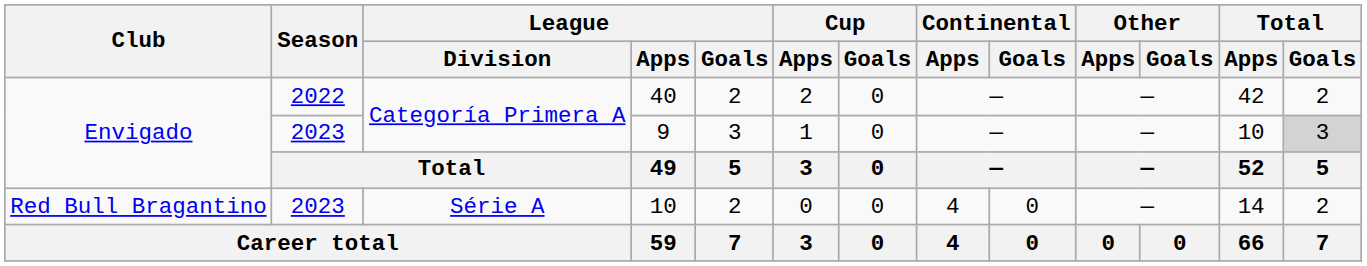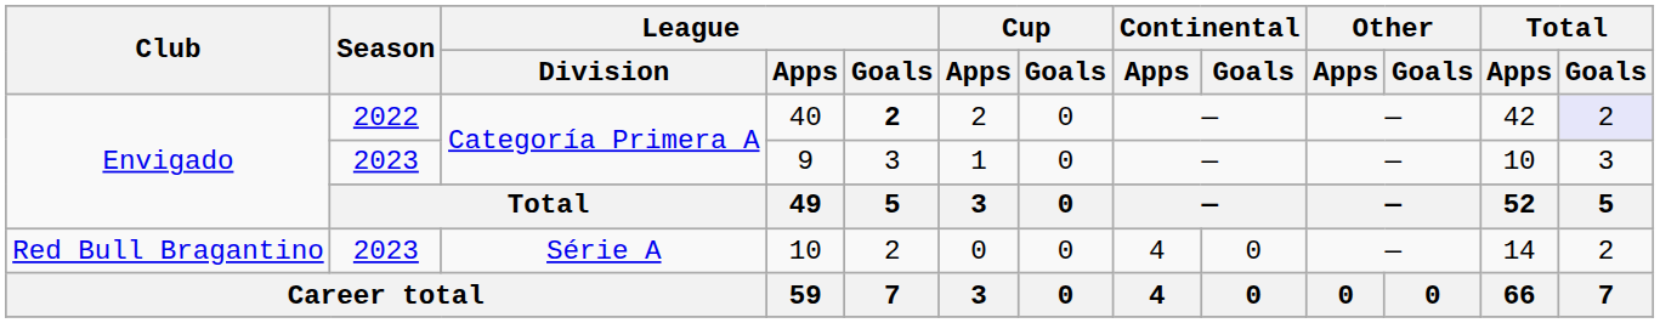 <table class="wikitable" style="text-align: center">
 <tr>
 <th rowspan="2">Club</th>
 <th rowspan="2">Season</th>
 <th colspan="3">League</th>
 <th colspan="2">Cup</th>
 <th colspan="2">Continental</th>
 <th colspan="2">Other</th>
 <th colspan="2">Total</th>
 </tr>
 <tr>
 <th>Division</th>
 <th>Apps</th>
 <th>Goals</th>
 <th>Apps</th>
 <th>Goals</th>
 <th>Apps</th>
 <th>Goals</th>
 <th>Apps</th>
 <th>Goals</th>
 <th>Apps</th>
 <th>Goals</th>
 </tr>
 <tr>
 <td rowspan="3"><a href='#'>Envigado</a></td>
 <td><a href='#'>2022</a></td>
 <td rowspan="2"><a href='#'>Categoría Primera A</a></td>
 <td>40</td>
-<td>2</td>
+<td><strong>2</strong></td>
 <td>2</td>
 <td>0</td>
 <td colspan="2">—</td>
 <td colspan="2">—</td>
 <td>42</td>
-<td>2</td>
+<td style="background: lavender;">2</td>
 </tr>
 <tr>
 <td><a href='#'>2023</a></td>
 <td>9</td>
 <td>3</td>
 <td>1</td>
 <td>0</td>
 <td colspan="2">—</td>
 <td colspan="2">—</td>
 <td>10</td>
-<td style="background: lightgrey;">3</td>
+<td>3</td>
 </tr>
 <tr>
 <th colspan="2"><strong>Total</strong></th>
 <th>49</th>
 <th>5</th>
 <th>3</th>
 <th>0</th>
 <th colspan="2">—</th>
 <th colspan="2">—</th>
 <th>52</th>
 <th>5</th>
 </tr>
 <tr>
 <td><a href='#'>Red Bull Bragantino</a></td>
 <td><a href='#'>2023</a></td>
 <td><a href='#'>Série A</a></td>
 <td>10</td>
 <td>2</td>
 <td>0</td>
 <td>0</td>
 <td>4</td>
 <td>0</td>
 <td colspan="2">—</td>
 <td>14</td>
 <td>2</td>
 </tr>
 <tr>
 <th colspan="3"><strong>Career total</strong></th>
 <th>59</th>
 <th>7</th>
 <th>3</th>
 <th>0</th>
 <th>4</th>
 <th>0</th>
 <th>0</th>
 <th>0</th>
 <th>66</th>
 <th>7</th>
 </tr>
 </table>
